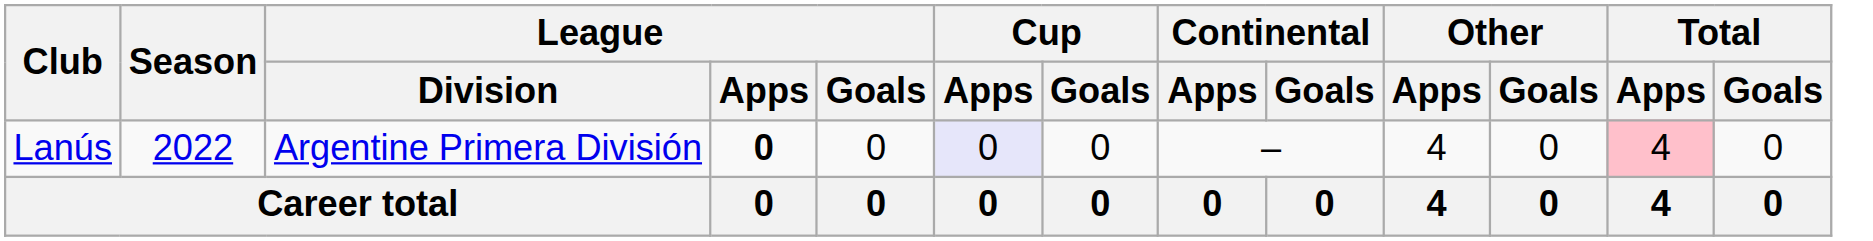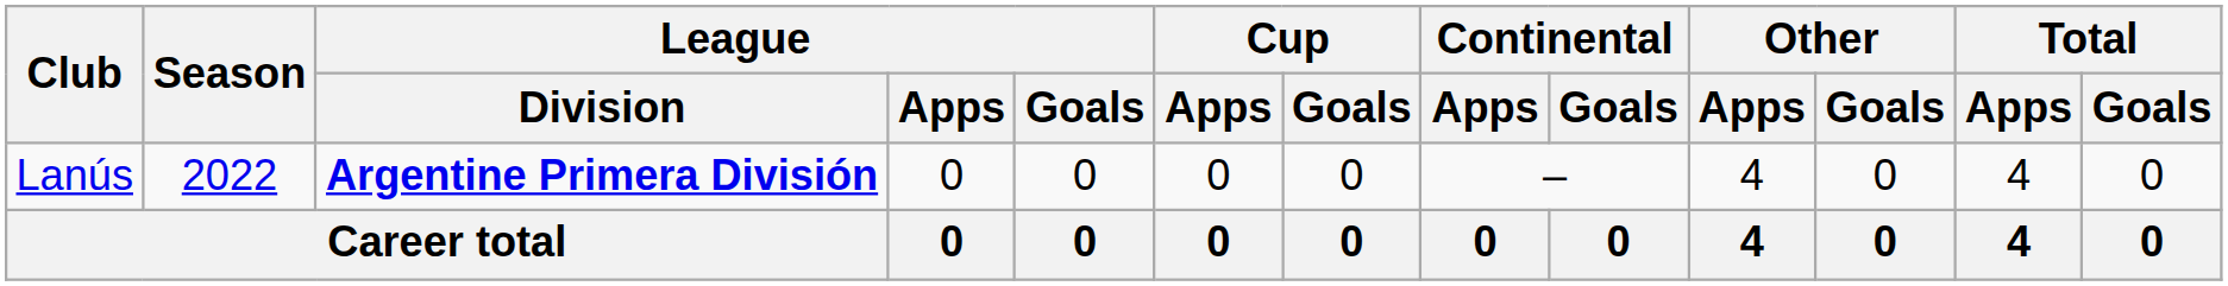 <table class="wikitable" style="text-align: center">
 <tr>
 <th rowspan="2">Club</th>
 <th rowspan="2">Season</th>
 <th colspan="3">League</th>
 <th colspan="2">Cup</th>
 <th colspan="2">Continental</th>
 <th colspan="2">Other</th>
 <th colspan="2">Total</th>
 </tr>
 <tr>
 <th>Division</th>
 <th>Apps</th>
 <th>Goals</th>
 <th>Apps</th>
 <th>Goals</th>
 <th>Apps</th>
 <th>Goals</th>
 <th>Apps</th>
 <th>Goals</th>
 <th>Apps</th>
 <th>Goals</th>
 </tr>
 <tr>
 <td><a href='#'>Lanús</a></td>
 <td><a href='#'>2022</a></td>
-<td><a href='#'>Argentine Primera División</a></td>
-<td><strong>0</strong></td>
+<td><strong><a href='#'>Argentine Primera División</a></strong></td>
 <td>0</td>
-<td style="background: lavender;">0</td>
+<td>0</td>
+<td>0</td>
 <td>0</td>
 <td colspan="2">–</td>
 <td>4</td>
 <td>0</td>
-<td style="background: pink;">4</td>
+<td>4</td>
 <td>0</td>
 </tr>
 <tr>
 <th colspan=3>Career total</th>
 <th>0</th>
 <th>0</th>
 <th>0</th>
 <th>0</th>
 <th>0</th>
 <th>0</th>
 <th>4</th>
 <th>0</th>
 <th>4</th>
 <th>0</th>
 </tr>
 </table>
